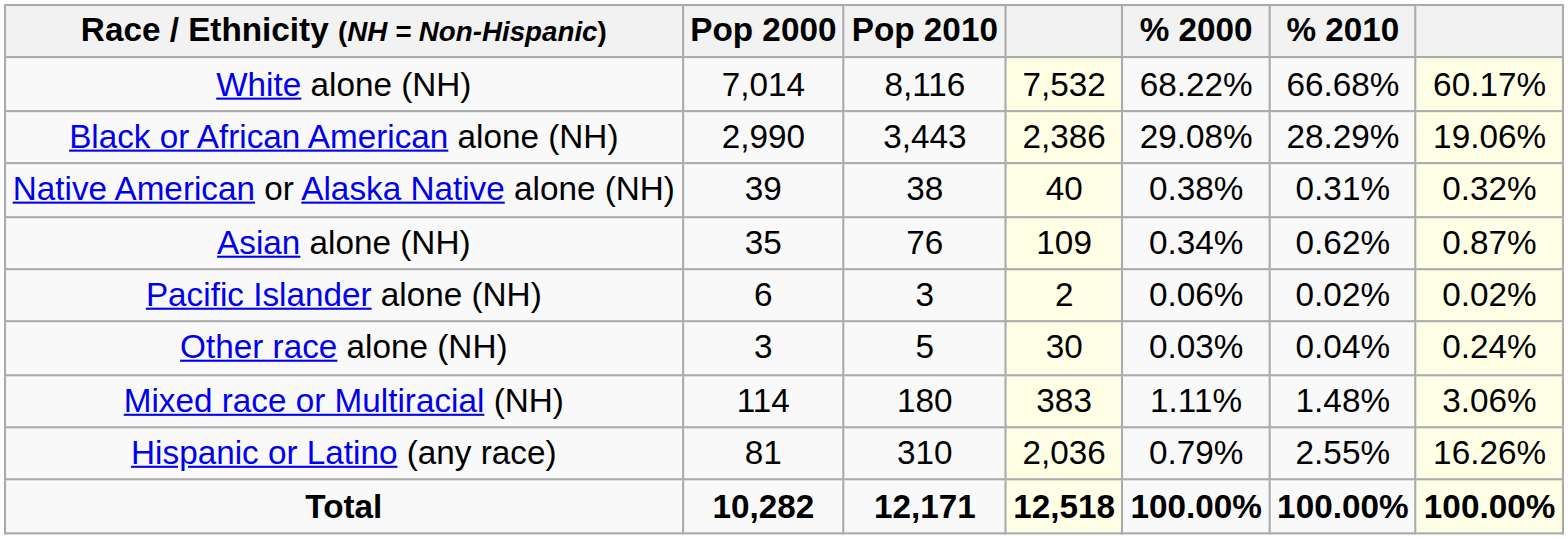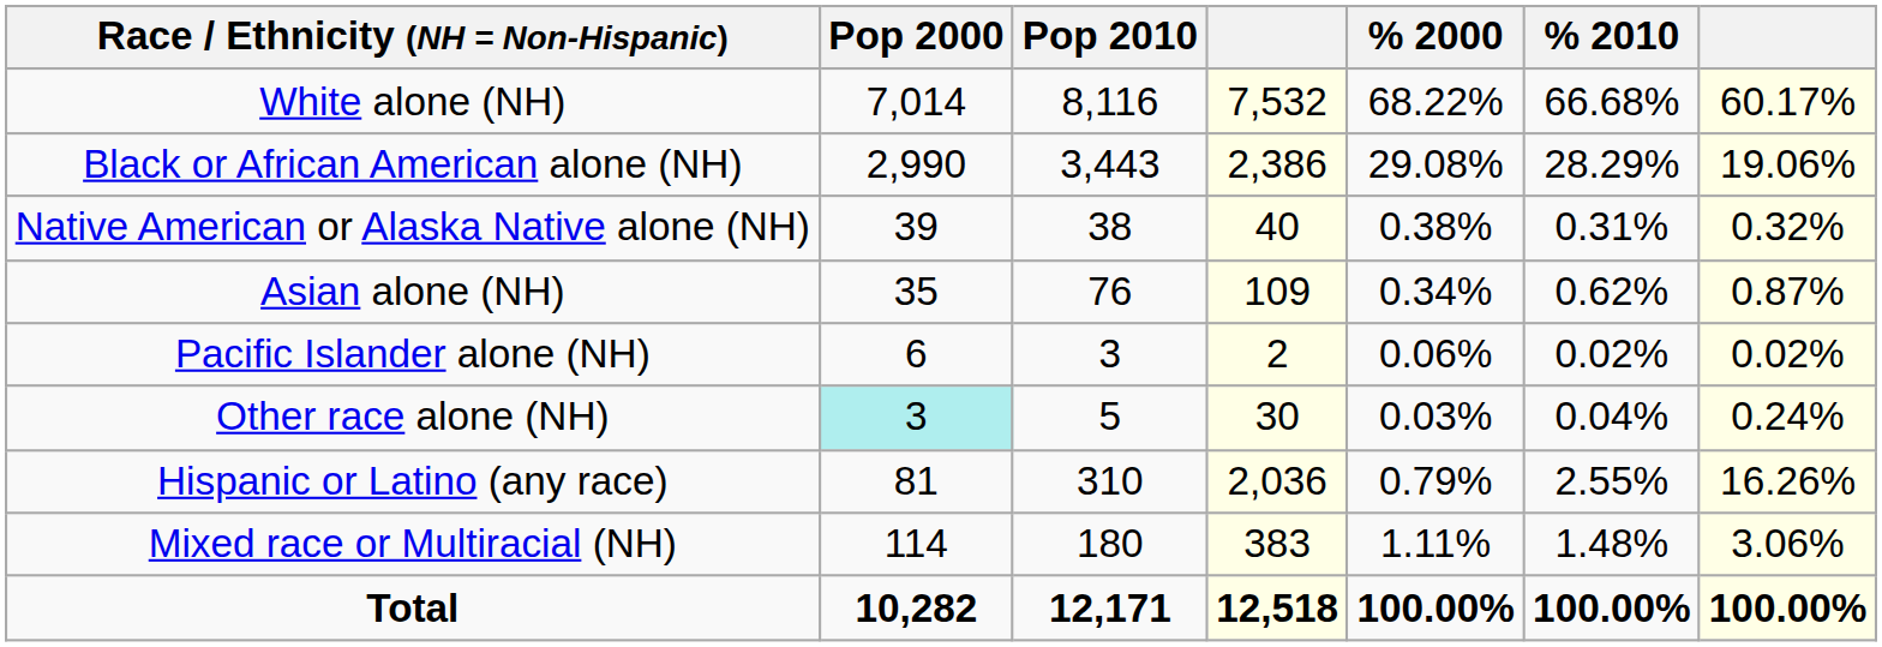 <table class="wikitable" style="text-align:center;">
 <tr>
 <th>Race / Ethnicity <small>(<em>NH = Non-Hispanic</em>)</small></th>
 <th>Pop 2000</th>
 <th>Pop 2010</th>
 <th></th>
 <th>% 2000</th>
 <th>% 2010</th>
 <th></th>
 </tr>
 <tr>
 <td><a href='#'>White</a> alone (NH)</td>
 <td>7,014</td>
 <td>8,116</td>
 <td style='background: #ffffe6;'>7,532</td>
 <td>68.22%</td>
 <td>66.68%</td>
 <td style='background: #ffffe6;'>60.17%</td>
 </tr>
 <tr>
 <td><a href='#'>Black or African American</a> alone (NH)</td>
 <td>2,990</td>
 <td>3,443</td>
 <td style='background: #ffffe6;'>2,386</td>
 <td>29.08%</td>
 <td>28.29%</td>
 <td style='background: #ffffe6;'>19.06%</td>
 </tr>
 <tr>
 <td><a href='#'>Native American</a> or <a href='#'>Alaska Native</a> alone (NH)</td>
 <td>39</td>
 <td>38</td>
 <td style='background: #ffffe6;'>40</td>
 <td>0.38%</td>
 <td>0.31%</td>
 <td style='background: #ffffe6;'>0.32%</td>
 </tr>
 <tr>
 <td><a href='#'>Asian</a> alone (NH)</td>
 <td>35</td>
 <td>76</td>
 <td style='background: #ffffe6;'>109</td>
 <td>0.34%</td>
 <td>0.62%</td>
 <td style='background: #ffffe6;'>0.87%</td>
 </tr>
 <tr>
 <td><a href='#'>Pacific Islander</a> alone (NH)</td>
 <td>6</td>
 <td>3</td>
 <td style='background: #ffffe6;'>2</td>
 <td>0.06%</td>
 <td>0.02%</td>
 <td style='background: #ffffe6;'>0.02%</td>
 </tr>
 <tr>
 <td><a href='#'>Other race</a> alone (NH)</td>
-<td>3</td>
+<td style="background: paleturquoise;">3</td>
 <td>5</td>
 <td style='background: #ffffe6;'>30</td>
 <td>0.03%</td>
 <td>0.04%</td>
 <td style='background: #ffffe6;'>0.24%</td>
+</tr>
+<tr>
+<td><a href='#'>Hispanic or Latino</a> (any race)</td>
+<td>81</td>
+<td>310</td>
+<td style='background: #ffffe6;'>2,036</td>
+<td>0.79%</td>
+<td>2.55%</td>
+<td style='background: #ffffe6;'>16.26%</td>
 </tr>
 <tr>
 <td><a href='#'>Mixed race or Multiracial</a> (NH)</td>
 <td>114</td>
 <td>180</td>
 <td style='background: #ffffe6;'>383</td>
 <td>1.11%</td>
 <td>1.48%</td>
 <td style='background: #ffffe6;'>3.06%</td>
 </tr>
 <tr>
-<td><a href='#'>Hispanic or Latino</a> (any race)</td>
-<td>81</td>
-<td>310</td>
-<td style='background: #ffffe6;'>2,036</td>
-<td>0.79%</td>
-<td>2.55%</td>
-<td style='background: #ffffe6;'>16.26%</td>
-</tr>
-<tr>
 <td><strong>Total</strong></td>
 <td><strong>10,282</strong></td>
 <td><strong>12,171</strong></td>
 <td style='background: #ffffe6;'><strong>12,518</strong></td>
 <td><strong>100.00%</strong></td>
 <td><strong>100.00%</strong></td>
 <td style='background: #ffffe6;'><strong>100.00%</strong></td>
 </tr>
 </table>
